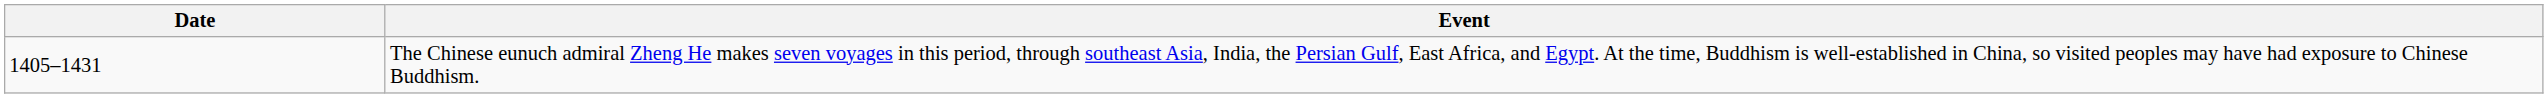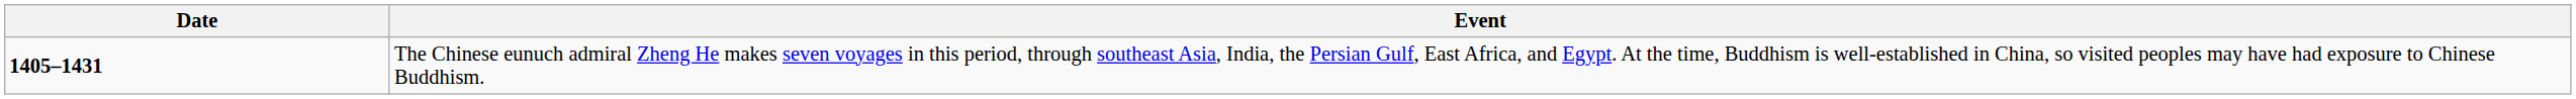 <table class="wikitable" width="100%">
 <tr>
 <th style="width:15%">Date</th>
 <th>Event</th>
 </tr>
 <tr>
-<td>1405–1431</td>
+<td><strong>1405–1431</strong></td>
 <td>The Chinese eunuch admiral <a href='#'>Zheng He</a> makes <a href='#'>seven voyages</a> in this period, through <a href='#'>southeast Asia</a>, India, the <a href='#'>Persian Gulf</a>, East Africa, and <a href='#'>Egypt</a>. At the time, Buddhism is well-established in China, so visited peoples may have had exposure to Chinese Buddhism.</td>
 </tr>
 </table>
